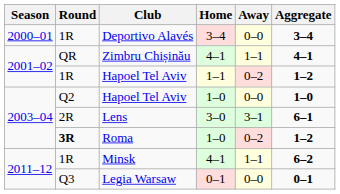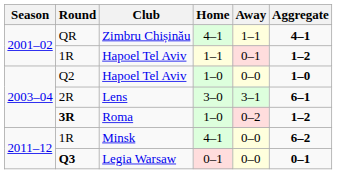 <table class="wikitable">
 <tr>
 <th>Season</th>
 <th>Round</th>
 <th>Club</th>
 <th>Home</th>
 <th>Away</th>
 <th>Aggregate</th>
-</tr>
-<tr>
-<td><a href='#'>2000–01</a></td>
-<td>1R</td>
-<td> <a href='#'>Deportivo Alavés</a></td>
-<td style="text-align:center; background:#fdd;">3–4</td>
-<td style="text-align:center; background:#ffd;">0–0</td>
-<td style="text-align:center;"><strong>3–4</strong></td>
 </tr>
 <tr>
 <td rowspan="2"><a href='#'>2001–02</a></td>
 <td>QR</td>
 <td> <a href='#'>Zimbru Chișinău</a></td>
 <td style="text-align:center; background:#dfd;">4–1</td>
 <td style="text-align:center; background:#ffd;">1–1</td>
 <td style="text-align:center;"><strong>4–1</strong></td>
 </tr>
 <tr>
 <td>1R</td>
 <td> <a href='#'>Hapoel Tel Aviv</a></td>
 <td style="text-align:center; background:#ffd;">1–1</td>
-<td style="text-align:center; background:#fdd;">0–2</td>
+<td style="text-align:center; background:#fdd;">0–1</td>
 <td style="text-align:center;"><strong>1–2</strong></td>
 </tr>
 <tr>
 <td rowspan="3"><a href='#'>2003–04</a></td>
 <td>Q2</td>
 <td> <a href='#'>Hapoel Tel Aviv</a></td>
 <td style="text-align:center; background:#dfd;">1–0</td>
 <td style="text-align:center; background:#ffd;">0–0</td>
 <td style="text-align:center;"><strong>1–0</strong></td>
 </tr>
 <tr>
 <td>2R</td>
 <td> <a href='#'>Lens</a></td>
 <td style="text-align:center; background:#dfd;">3–0</td>
 <td style="text-align:center; background:#dfd;">3–1</td>
 <td style="text-align:center;"><strong>6–1</strong></td>
 </tr>
 <tr>
 <td><strong>3R</strong></td>
 <td> <a href='#'>Roma</a></td>
 <td style="text-align:center; background:#dfd;">1–0</td>
 <td style="text-align:center; background:#fdd;">0–2</td>
 <td style="text-align:center;"><strong>1–2</strong></td>
 </tr>
 <tr>
 <td rowspan="2"><a href='#'>2011–12</a></td>
 <td>1R</td>
 <td> <a href='#'>Minsk</a></td>
 <td style="text-align:center; background:#dfd;">4–1</td>
-<td style="text-align:center; background:#ffd;">1–1</td>
+<td style="text-align:center; background:#ffd;">0–0</td>
 <td style="text-align:center;"><strong>6–2</strong></td>
 </tr>
 <tr>
-<td>Q3</td>
+<td><strong>Q3</strong></td>
 <td> <a href='#'>Legia Warsaw</a></td>
 <td style="text-align:center; background:#fdd;">0–1</td>
 <td style="text-align:center; background:#ffd;">0–0</td>
 <td style="text-align:center;"><strong>0–1</strong></td>
 </tr>
 </table>
